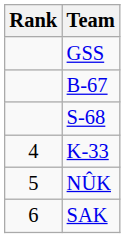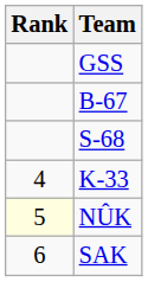 <table class="wikitable">
 <tr>
 <th>Rank</th>
 <th>Team</th>
 </tr>
 <tr>
 <td align=center></td>
 <td align="left"><a href='#'>GSS</a></td>
 </tr>
 <tr>
 <td align=center></td>
 <td align="left"><a href='#'>B-67</a></td>
 </tr>
 <tr>
 <td align=center></td>
 <td align="left"><a href='#'>S-68</a></td>
 </tr>
 <tr>
 <td align=center>4</td>
 <td align="left"><a href='#'>K-33</a></td>
 </tr>
 <tr>
-<td align=center>5</td>
+<td align=center style="background: lightyellow;">5</td>
 <td align="left"><a href='#'>NÛK</a></td>
 </tr>
 <tr>
 <td align=center>6</td>
 <td align="left"><a href='#'>SAK</a></td>
 </tr>
 </table>
